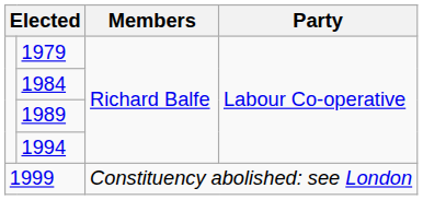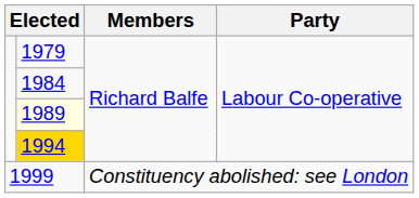 <table class="wikitable">
 <tr>
 <th colspan = "2">Elected</th>
 <th>Members</th>
 <th>Party</th>
 </tr>
 <tr>
 <td rowspan="4" style="background-color: "></td>
 <td><a href='#'>1979</a></td>
 <td rowspan = "4"><a href='#'>Richard Balfe</a></td>
 <td rowspan = "4"><a href='#'>Labour Co-operative</a></td>
 </tr>
 <tr>
 <td><a href='#'>1984</a></td>
 </tr>
 <tr>
-<td><a href='#'>1989</a></td>
+<td style="background: lightyellow;"><a href='#'>1989</a></td>
 </tr>
 <tr>
-<td><a href='#'>1994</a></td>
+<td style="background: gold;"><a href='#'>1994</a></td>
 </tr>
 <tr>
 <td colspan="2"><a href='#'>1999</a></td>
 <td colspan="2"><em>Constituency abolished: see <a href='#'>London</a></em></td>
 </tr>
 </table>
